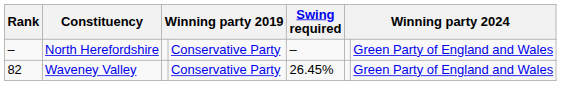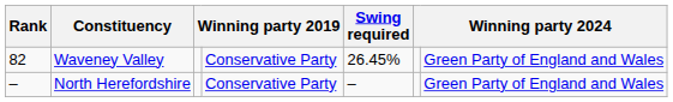 <table class="wikitable">
 <tr>
 <th>Rank</th>
 <th>Constituency</th>
 <th colspan="2">Winning party 2019</th>
 <th><a href='#'>Swing</a> <br>required</th>
 <th colspan="2">Winning party 2024</th>
+</tr>
+<tr>
+<td>82</td>
+<td><a href='#'>Waveney Valley</a></td>
+<td class="unsortable" style="background-color: "></td>
+<td><a href='#'>Conservative Party</a></td>
+<td>26.45%</td>
+<td class="unsortable" style="background-color: "></td>
+<td><a href='#'>Green Party of England and Wales</a></td>
 </tr>
 <tr>
 <td>–</td>
 <td><a href='#'>North Herefordshire</a></td>
 <td class="unsortable" style="background-color: "></td>
 <td><a href='#'>Conservative Party</a></td>
 <td>–</td>
 <td class="unsortable" style="background-color: "></td>
 <td><a href='#'>Green Party of England and Wales</a></td>
 </tr>
-<tr>
-<td>82</td>
-<td><a href='#'>Waveney Valley</a></td>
-<td class="unsortable" style="background-color: "></td>
-<td><a href='#'>Conservative Party</a></td>
-<td>26.45%</td>
-<td class="unsortable" style="background-color: "></td>
-<td><a href='#'>Green Party of England and Wales</a></td>
-</tr>
 </table>
